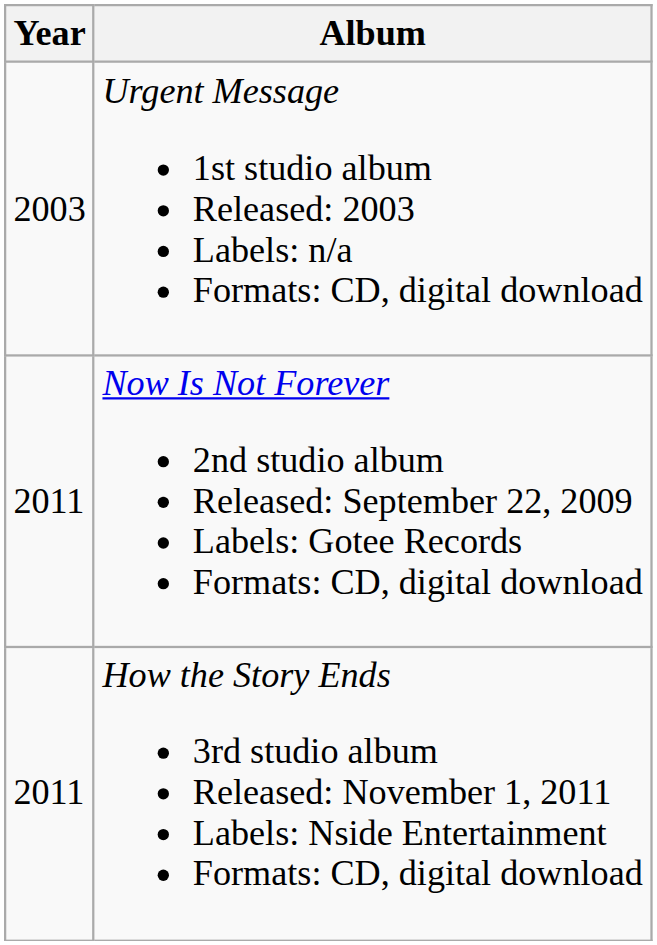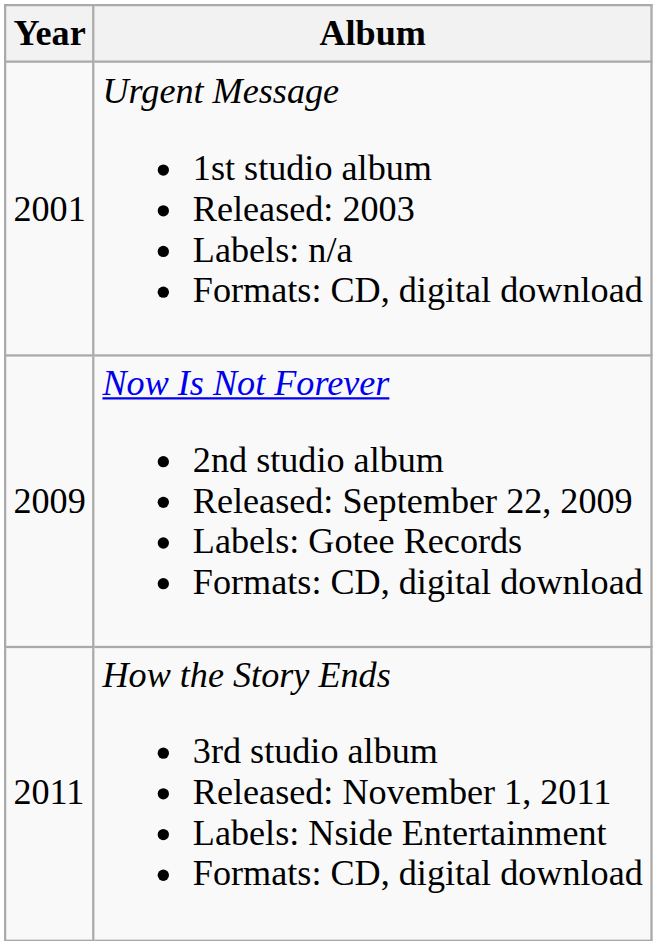 <table class="wikitable">
 <tr>
 <th>Year</th>
 <th>Album</th>
 </tr>
 <tr>
-<td>2003</td>
+<td>2001</td>
 <td><em>Urgent Message</em><br><ul><li>1st studio album</li><li>Released: 2003</li><li>Labels: n/a</li><li>Formats: CD, digital download</li></ul></td>
 </tr>
 <tr>
-<td>2011</td>
+<td>2009</td>
 <td><em><a href='#'>Now Is Not Forever</a></em><br><ul><li>2nd studio album</li><li>Released: September 22, 2009</li><li>Labels: Gotee Records</li><li>Formats: CD, digital download</li></ul></td>
 </tr>
 <tr>
 <td>2011</td>
 <td><em>How the Story Ends</em><br><ul><li>3rd studio album</li><li>Released: November 1, 2011</li><li>Labels: Nside Entertainment</li><li>Formats: CD, digital download</li></ul></td>
 </tr>
 </table>
